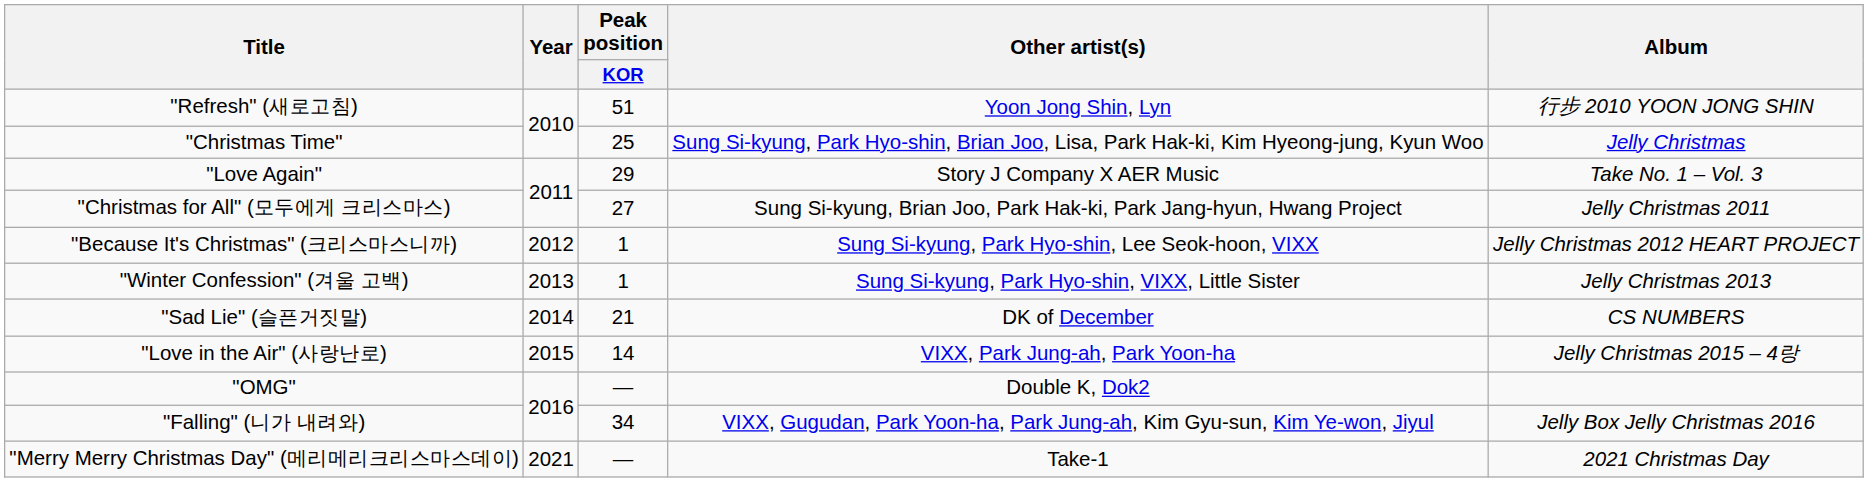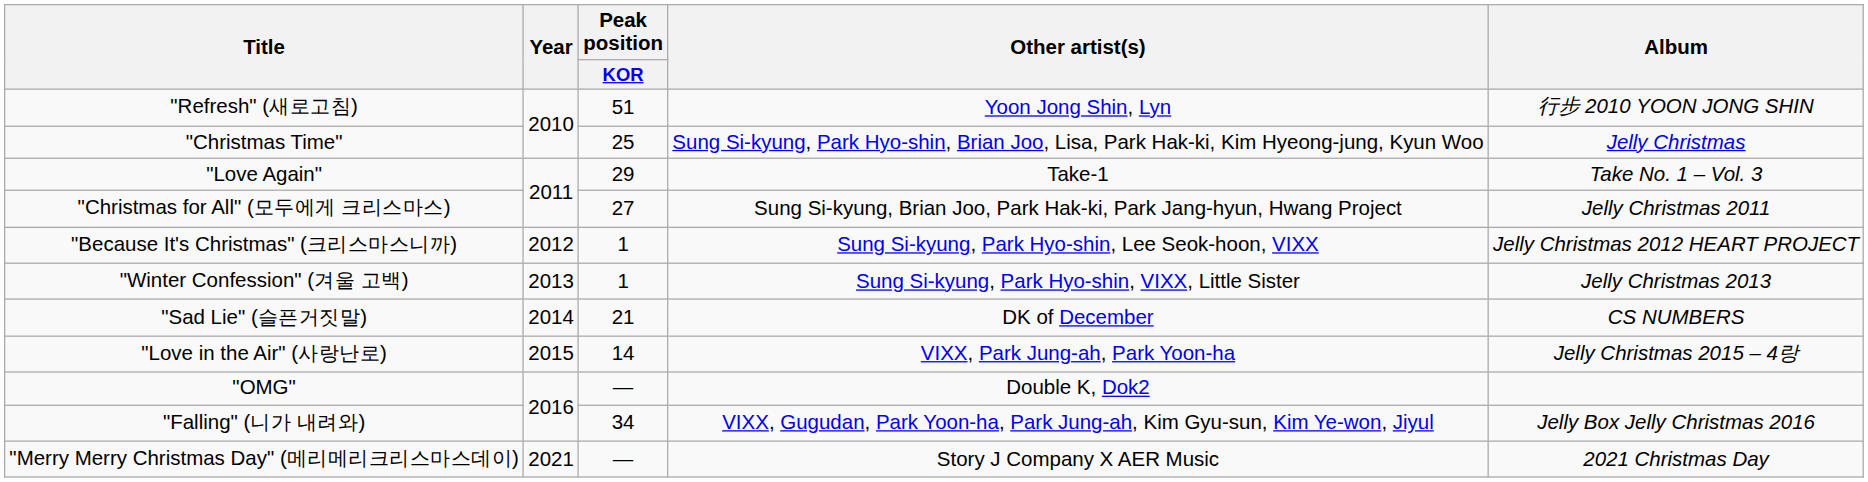 <table class="wikitable" style="text-align:center;">
 <tr>
 <th rowspan="2" scope="col">Title</th>
 <th rowspan="2" scope="col">Year</th>
 <th colspan="1" scope="col">Peak<br>position</th>
 <th rowspan="2" scope="col">Other artist(s)</th>
 <th rowspan="2" scope="col">Album</th>
 </tr>
 <tr>
 <th style="width:3em;font-size:90%"><a href='#'>KOR</a><br></th>
 </tr>
 <tr>
 <td>"Refresh" (새로고침)</td>
 <td rowspan="2">2010</td>
 <td>51</td>
 <td><a href='#'>Yoon Jong Shin</a>, <a href='#'>Lyn</a></td>
 <td><em>行步 2010 YOON JONG SHIN</em></td>
 </tr>
 <tr>
 <td>"Christmas Time"</td>
 <td>25</td>
 <td><a href='#'>Sung Si-kyung</a>, <a href='#'>Park Hyo-shin</a>, <a href='#'>Brian Joo</a>, Lisa, Park Hak-ki, Kim Hyeong-jung, Kyun Woo</td>
 <td><em><a href='#'>Jelly Christmas</a></em></td>
 </tr>
 <tr>
 <td>"Love Again"</td>
 <td rowspan="2">2011</td>
 <td>29</td>
-<td>Story J Company X AER Music</td>
+<td>Take-1</td>
 <td><em>Take No. 1 – Vol. 3</em></td>
 </tr>
 <tr>
 <td>"Christmas for All" (모두에게 크리스마스)</td>
 <td>27</td>
 <td>Sung Si-kyung, Brian Joo, Park Hak-ki, Park Jang-hyun, Hwang Project</td>
 <td><em>Jelly Christmas 2011</em></td>
 </tr>
 <tr>
 <td>"Because It's Christmas" (크리스마스니까)</td>
 <td>2012</td>
 <td>1</td>
 <td><a href='#'>Sung Si-kyung</a>, <a href='#'>Park Hyo-shin</a>, Lee Seok-hoon, <a href='#'>VIXX</a></td>
 <td><em>Jelly Christmas 2012 HEART PROJECT</em></td>
 </tr>
 <tr>
 <td>"Winter Confession" (겨울 고백)</td>
 <td>2013</td>
 <td>1</td>
 <td><a href='#'>Sung Si-kyung</a>, <a href='#'>Park Hyo-shin</a>, <a href='#'>VIXX</a>, Little Sister</td>
 <td><em>Jelly Christmas 2013</em></td>
 </tr>
 <tr>
 <td>"Sad Lie" (슬픈거짓말)</td>
 <td>2014</td>
 <td>21</td>
 <td>DK of <a href='#'>December</a></td>
 <td><em>CS NUMBERS</em></td>
 </tr>
 <tr>
 <td>"Love in the Air" (사랑난로)</td>
 <td>2015</td>
 <td>14</td>
 <td><a href='#'>VIXX</a>, <a href='#'>Park Jung-ah</a>, <a href='#'>Park Yoon-ha</a></td>
 <td><em>Jelly Christmas 2015 – 4랑</em></td>
 </tr>
 <tr>
 <td>"OMG"</td>
 <td rowspan="2">2016</td>
 <td>—</td>
 <td>Double K, <a href='#'>Dok2</a></td>
 <td></td>
 </tr>
 <tr>
 <td>"Falling" (니가 내려와)</td>
 <td>34</td>
 <td><a href='#'>VIXX</a>, <a href='#'>Gugudan</a>, <a href='#'>Park Yoon-ha</a>, <a href='#'>Park Jung-ah</a>, Kim Gyu-sun, <a href='#'>Kim Ye-won</a>, <a href='#'>Jiyul</a></td>
 <td><em>Jelly Box Jelly Christmas 2016</em></td>
 </tr>
 <tr>
 <td>"Merry Merry Christmas Day" (메리메리크리스마스데이)</td>
 <td>2021</td>
 <td>—</td>
-<td>Take-1</td>
+<td>Story J Company X AER Music</td>
 <td><em>2021 Christmas Day</em></td>
 </tr>
 </table>
